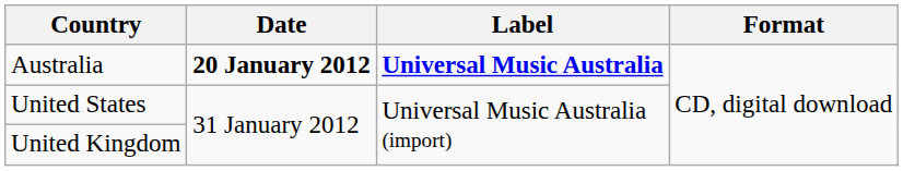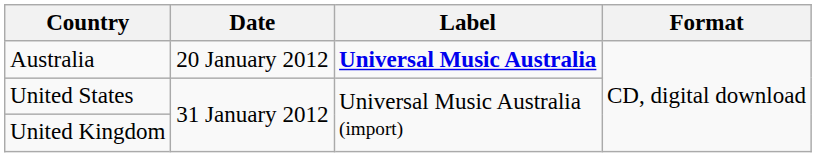 <table class="wikitable">
 <tr>
 <th>Country</th>
 <th>Date</th>
 <th>Label</th>
 <th>Format</th>
 </tr>
 <tr>
 <td>Australia</td>
-<td><strong>20 January 2012</strong></td>
+<td>20 January 2012</td>
 <td><strong><a href='#'>Universal Music Australia</a></strong></td>
 <td rowspan="3">CD, digital download</td>
 </tr>
 <tr>
 <td>United States</td>
 <td rowspan="2">31 January 2012</td>
 <td rowspan="2">Universal Music Australia<br><small>(import)</small></td>
 </tr>
 <tr>
 <td>United Kingdom</td>
 </tr>
 </table>
